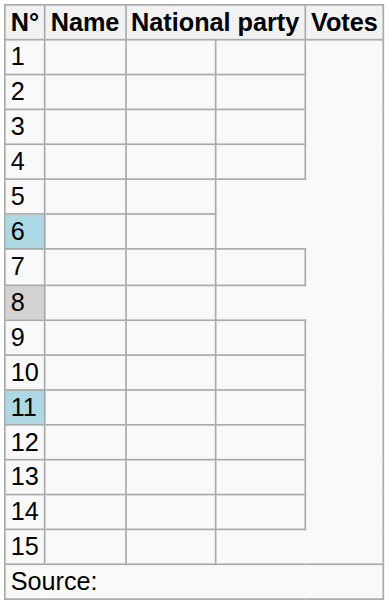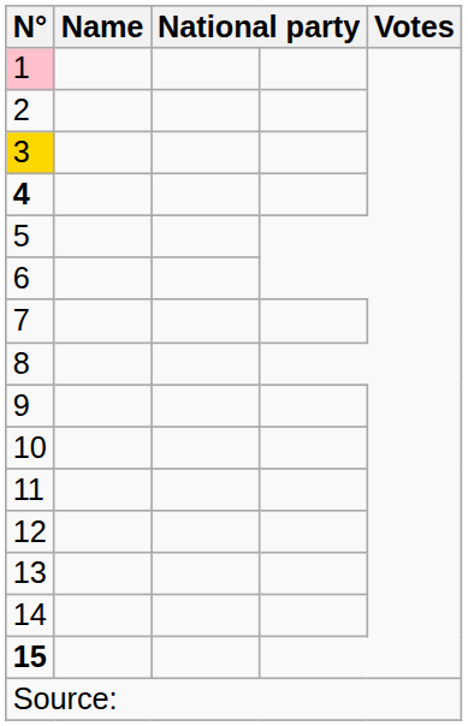 <table class="wikitable sortable" style="font-size:95%;line-height:14px;">
 <tr>
 <th>N°</th>
 <th>Name</th>
 <th colspan="2">National party</th>
 <th>Votes</th>
 </tr>
 <tr>
-<td>1</td>
+<td style="background: pink;">1</td>
 <td></td>
 <td></td>
 <td></td>
 </tr>
 <tr>
 <td>2</td>
 <td></td>
 <td></td>
 <td></td>
 </tr>
 <tr>
-<td>3</td>
+<td style="background: gold;">3</td>
 <td></td>
 <td></td>
 <td></td>
 </tr>
 <tr>
-<td>4</td>
+<td><strong>4</strong></td>
 <td></td>
 <td></td>
 <td></td>
 </tr>
 <tr>
 <td>5</td>
 <td></td>
 <td></td>
 </tr>
 <tr>
-<td style="background: lightblue;">6</td>
+<td>6</td>
 <td></td>
 <td></td>
 </tr>
 <tr>
 <td>7</td>
 <td></td>
 <td></td>
 <td></td>
 </tr>
 <tr>
-<td style="background: lightgrey;">8</td>
+<td>8</td>
 <td></td>
 <td></td>
 </tr>
 <tr>
 <td>9</td>
 <td></td>
 <td></td>
 <td></td>
 </tr>
 <tr>
 <td>10</td>
 <td></td>
 <td></td>
 <td></td>
 </tr>
 <tr>
-<td style="background: lightblue;">11</td>
+<td>11</td>
 <td></td>
 <td></td>
 <td></td>
 </tr>
 <tr>
 <td>12</td>
 <td></td>
 <td></td>
 <td></td>
 </tr>
 <tr>
 <td>13</td>
 <td></td>
 <td></td>
 <td></td>
 </tr>
 <tr>
 <td>14</td>
 <td></td>
 <td></td>
 <td></td>
 </tr>
 <tr>
-<td>15</td>
+<td><strong>15</strong></td>
 <td></td>
 <td></td>
 </tr>
 <tr>
 <td colspan="5">Source: </td>
 </tr>
 </table>
